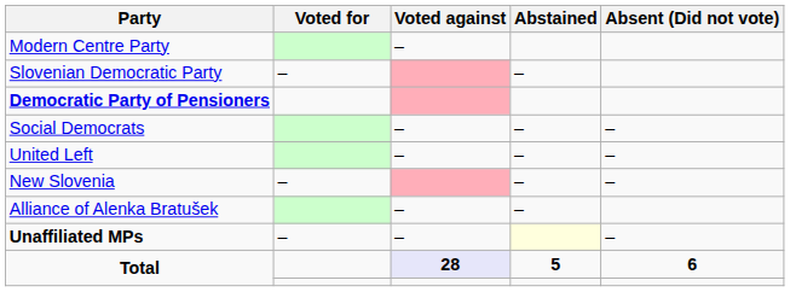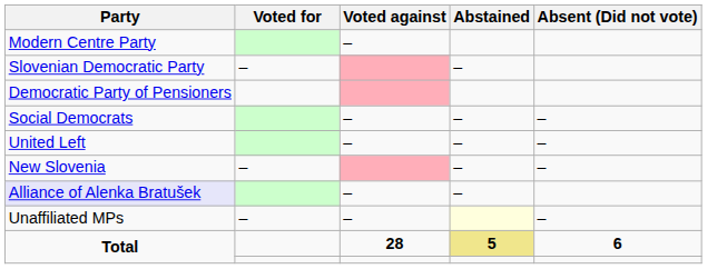 <table class="wikitable">
 <tr>
 <th>Party</th>
 <th style="width:15%;">Voted for</th>
 <th>Voted against</th>
 <th>Abstained</th>
 <th>Absent (Did not vote)</th>
 </tr>
 <tr>
 <td> <a href='#'>Modern Centre Party</a></td>
 <td style="background-color:#CCFFCC;"></td>
 <td>–</td>
 <td></td>
 <td></td>
 </tr>
 <tr>
 <td> <a href='#'>Slovenian Democratic Party</a></td>
 <td>–</td>
 <td style="background-color:#FFAEB9;"></td>
 <td>–</td>
 <td></td>
 </tr>
 <tr>
-<td><strong> <a href='#'>Democratic Party of Pensioners</a></strong></td>
+<td> <a href='#'>Democratic Party of Pensioners</a></td>
 <td></td>
 <td style="background-color:#FFAEB9;"></td>
 <td></td>
 <td></td>
 </tr>
 <tr>
 <td> <a href='#'>Social Democrats</a></td>
 <td style="background-color:#CCFFCC;"></td>
 <td>–</td>
 <td>–</td>
 <td>–</td>
 </tr>
 <tr>
 <td> <a href='#'>United Left</a></td>
 <td style="background-color:#CCFFCC;"></td>
 <td>–</td>
 <td>–</td>
 <td>–</td>
 </tr>
 <tr>
 <td> <a href='#'>New Slovenia</a></td>
 <td>–</td>
 <td style="background-color:#FFAEB9;"></td>
 <td>–</td>
 <td>–</td>
 </tr>
 <tr>
-<td> <a href='#'>Alliance of Alenka Bratušek</a></td>
+<td style="background: lavender;"> <a href='#'>Alliance of Alenka Bratušek</a></td>
 <td style="background-color:#CCFFCC;"></td>
 <td>–</td>
 <td>–</td>
 <td></td>
 </tr>
 <tr>
-<td><strong> Unaffiliated MPs</strong></td>
+<td> Unaffiliated MPs</td>
 <td>–</td>
 <td>–</td>
 <td style="background-color:#FFD;"></td>
 <td>–</td>
 </tr>
 <tr>
 <td style="text-align:center;" rowspan="2"><strong>Total</strong></td>
 <td></td>
-<td style="background: lavender; text-align:center;"><strong>28</strong></td>
-<td style="text-align:center;"><strong>5</strong></td>
+<td style="text-align:center;"><strong>28</strong></td>
+<td style="background: khaki; text-align:center;"><strong>5</strong></td>
 <td style="text-align:center;"><strong>6</strong></td>
 </tr>
 <tr>
 <td style="text-align:center;"></td>
 <td style="text-align:center;"></td>
 <td style="text-align:center;"></td>
 <td style="text-align:center;"></td>
 </tr>
 </table>
